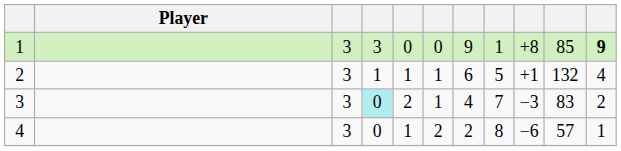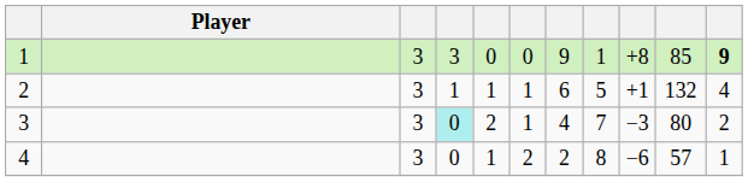 <table class="wikitable" style="text-align:center;">
 <tr>
 <th width=20></th>
 <th width=260>Player</th>
 <th width=20></th>
 <th width=20></th>
 <th width=20></th>
 <th width=20></th>
 <th width=20></th>
 <th width=20></th>
 <th width=20></th>
 <th width=30></th>
 <th width=20></th>
 </tr>
 <tr style="background:#D0F0C0;">
 <td>1</td>
 <td align=left> <small></small></td>
 <td>3</td>
 <td>3</td>
 <td>0</td>
 <td>0</td>
 <td>9</td>
 <td>1</td>
 <td>+8</td>
 <td>85</td>
 <td><strong>9</strong></td>
 </tr>
 <tr>
 <td>2</td>
 <td align=left> <small></small></td>
 <td>3</td>
 <td>1</td>
 <td>1</td>
 <td>1</td>
 <td>6</td>
 <td>5</td>
 <td>+1</td>
 <td>132</td>
 <td>4</td>
 </tr>
 <tr>
 <td>3</td>
 <td align=left> <small></small></td>
 <td>3</td>
 <td style="background: paleturquoise;">0</td>
 <td>2</td>
 <td>1</td>
 <td>4</td>
 <td>7</td>
 <td>−3</td>
-<td>83</td>
+<td>80</td>
 <td>2</td>
 </tr>
 <tr>
 <td>4</td>
 <td align=left> <small></small></td>
 <td>3</td>
 <td>0</td>
 <td>1</td>
 <td>2</td>
 <td>2</td>
 <td>8</td>
 <td>−6</td>
 <td>57</td>
 <td>1</td>
 </tr>
 <tr>
 </tr>
 </table>
